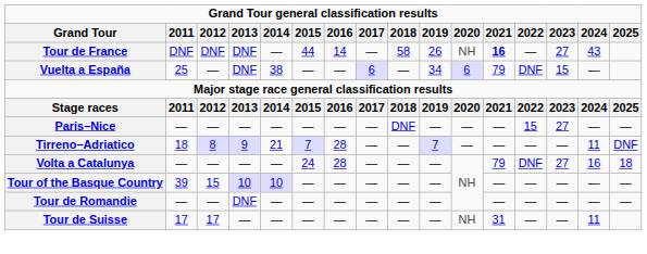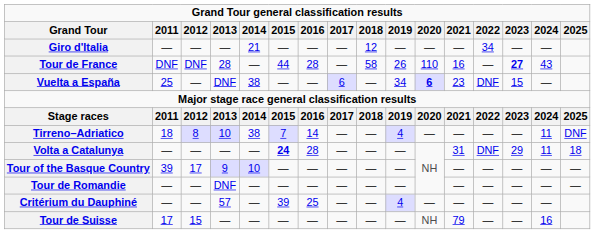 <table class="wikitable plainrowheaders">
 <tr>
 <td colspan=16 align="center"><strong>Grand Tour general classification results</strong></td>
 </tr>
 <tr>
 <th scope="col">Grand Tour</th>
 <th scope="col">2011</th>
 <th scope="col">2012</th>
 <th scope="col">2013</th>
 <th scope="col">2014</th>
 <th scope="col">2015</th>
 <th scope="col">2016</th>
 <th scope="col">2017</th>
 <th scope="col">2018</th>
 <th scope="col">2019</th>
 <th scope="col">2020</th>
 <th scope="col">2021</th>
 <th scope="col">2022</th>
 <th scope="col">2023</th>
 <th scope="col">2024</th>
 <th scope="col">2025</th>
 </tr>
 <tr style="text-align:center;">
+<th scope="row"> <a href='#'>Giro d'Italia</a></th>
+<td>—</td>
+<td>—</td>
+<td>—</td>
+<td><a href='#'>21</a></td>
+<td>—</td>
+<td>—</td>
+<td>—</td>
+<td><a href='#'>12</a></td>
+<td>—</td>
+<td>—</td>
+<td>—</td>
+<td><a href='#'>34</a></td>
+<td>—</td>
+<td>—</td>
+<td></td>
+</tr>
+<tr style="text-align:center;">
 <th scope="row"> <a href='#'>Tour de France</a></th>
 <td><a href='#'>DNF</a></td>
 <td><a href='#'>DNF</a></td>
-<td><a href='#'>DNF</a></td>
+<td><a href='#'>28</a></td>
 <td>—</td>
 <td><a href='#'>44</a></td>
-<td><a href='#'>14</a></td>
+<td><a href='#'>28</a></td>
 <td>—</td>
 <td><a href='#'>58</a></td>
 <td><a href='#'>26</a></td>
-<td style="color:#4d4d4d;">NH</td>
-<td><strong><a href='#'>16</a></strong></td>
+<td><a href='#'>110</a></td>
+<td><a href='#'>16</a></td>
 <td>—</td>
-<td><a href='#'>27</a></td>
+<td><strong><a href='#'>27</a></strong></td>
 <td><a href='#'>43</a></td>
 <td></td>
 </tr>
 <tr style="text-align:center;">
 <th scope="row"> <a href='#'>Vuelta a España</a></th>
 <td><a href='#'>25</a></td>
 <td>—</td>
 <td><a href='#'>DNF</a></td>
 <td><a href='#'>38</a></td>
 <td>—</td>
 <td>—</td>
 <td style="background:#ddf;"><a href='#'>6</a></td>
 <td>—</td>
 <td><a href='#'>34</a></td>
-<td style="background:#ddf;"><a href='#'>6</a></td>
-<td><a href='#'>79</a></td>
+<td style="background:#ddf;"><strong><a href='#'>6</a></strong></td>
+<td><a href='#'>23</a></td>
 <td><a href='#'>DNF</a></td>
 <td><a href='#'>15</a></td>
 <td>—</td>
 <td></td>
 </tr>
 <tr>
 <td colspan=16 align="center"><strong>Major stage race general classification results</strong></td>
 </tr>
 <tr>
 <th scope="col">Stage races</th>
 <th scope="col">2011</th>
 <th scope="col">2012</th>
 <th scope="col">2013</th>
 <th scope="col">2014</th>
 <th scope="col">2015</th>
 <th scope="col">2016</th>
 <th scope="col">2017</th>
 <th scope="col">2018</th>
 <th scope="col">2019</th>
 <th scope="col">2020</th>
 <th scope="col">2021</th>
 <th scope="col">2022</th>
 <th scope="col">2023</th>
 <th scope="col">2024</th>
 <th scope="col">2025</th>
 </tr>
 <tr style="text-align:center;">
-<th scope="row"> <a href='#'>Paris–Nice</a></th>
-<td>—</td>
-<td>—</td>
-<td>—</td>
-<td>—</td>
-<td>—</td>
-<td>—</td>
-<td>—</td>
-<td><a href='#'>DNF</a></td>
-<td>—</td>
-<td>—</td>
-<td>—</td>
-<td><a href='#'>15</a></td>
-<td><a href='#'>27</a></td>
-<td>—</td>
-<td>—</td>
-</tr>
-<tr style="text-align:center;">
 <th scope="row"> <a href='#'>Tirreno–Adriatico</a></th>
 <td><a href='#'>18</a></td>
 <td style="background:#ddf;"><a href='#'>8</a></td>
-<td style="background:#ddf;"><a href='#'>9</a></td>
-<td><a href='#'>21</a></td>
+<td style="background:#ddf;"><a href='#'>10</a></td>
+<td><a href='#'>38</a></td>
 <td style="background:#ddf;"><a href='#'>7</a></td>
-<td><a href='#'>28</a></td>
+<td><a href='#'>14</a></td>
 <td>—</td>
 <td>—</td>
-<td style="background:#ddf;"><a href='#'>7</a></td>
+<td style="background:#ddf;"><a href='#'>4</a></td>
 <td>—</td>
 <td>—</td>
 <td>—</td>
 <td>—</td>
 <td><a href='#'>11</a></td>
 <td><a href='#'>DNF</a></td>
 </tr>
 <tr style="text-align:center;">
 <th scope="row"> <a href='#'>Volta a Catalunya</a></th>
 <td>—</td>
 <td>—</td>
 <td>—</td>
 <td>—</td>
-<td><a href='#'>24</a></td>
+<td><strong><a href='#'>24</a></strong></td>
 <td><a href='#'>28</a></td>
 <td>—</td>
 <td>—</td>
 <td>—</td>
 <td style="color:#4d4d4d;" rowspan=3>NH</td>
-<td><a href='#'>79</a></td>
+<td><a href='#'>31</a></td>
 <td><a href='#'>DNF</a></td>
-<td><a href='#'>27</a></td>
-<td><a href='#'>16</a></td>
+<td><a href='#'>29</a></td>
+<td><a href='#'>11</a></td>
 <td><a href='#'>18</a></td>
 </tr>
 <tr style="text-align:center;">
 <th scope="row"> <a href='#'>Tour of the Basque Country</a></th>
 <td><a href='#'>39</a></td>
-<td><a href='#'>15</a></td>
-<td style="background:#ddf;"><a href='#'>10</a></td>
+<td><a href='#'>17</a></td>
+<td style="background:#ddf;"><a href='#'>9</a></td>
 <td style="background:#ddf;"><a href='#'>10</a></td>
 <td>—</td>
 <td>—</td>
 <td>—</td>
 <td>—</td>
 <td>—</td>
 <td>—</td>
 <td>—</td>
 <td>—</td>
 <td>—</td>
 <td>—</td>
 </tr>
 <tr style="text-align:center;">
 <th scope="row"> <a href='#'>Tour de Romandie</a></th>
 <td>—</td>
 <td>—</td>
 <td><a href='#'>DNF</a></td>
 <td>—</td>
 <td>—</td>
 <td>—</td>
 <td>—</td>
 <td>—</td>
 <td>—</td>
 <td>—</td>
 <td>—</td>
 <td>—</td>
 <td>—</td>
 <td>—</td>
 </tr>
 <tr style="text-align:center;">
+<th scope="row"> <a href='#'>Critérium du Dauphiné</a></th>
+<td>—</td>
+<td>—</td>
+<td><a href='#'>57</a></td>
+<td>—</td>
+<td><a href='#'>39</a></td>
+<td><a href='#'>25</a></td>
+<td>—</td>
+<td>—</td>
+<td style="background:#ddf;"><a href='#'>4</a></td>
+<td>—</td>
+<td>—</td>
+<td>—</td>
+<td>—</td>
+<td>—</td>
+<td></td>
+</tr>
+<tr style="text-align:center;">
 <th scope="row"> <a href='#'>Tour de Suisse</a></th>
 <td><a href='#'>17</a></td>
-<td><a href='#'>17</a></td>
+<td><a href='#'>15</a></td>
 <td>—</td>
 <td>—</td>
 <td>—</td>
 <td>—</td>
 <td>—</td>
 <td>—</td>
 <td>—</td>
 <td style="color:#4d4d4d;">NH</td>
-<td><a href='#'>31</a></td>
+<td><a href='#'>79</a></td>
 <td>—</td>
 <td>—</td>
-<td><a href='#'>11</a></td>
+<td><a href='#'>16</a></td>
 <td></td>
 </tr>
 </table>
